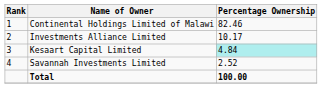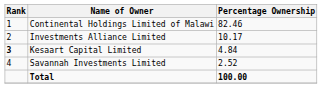 <table class="wikitable sortable" style="margin:0.5em auto">
 <tr>
 <th>Rank</th>
 <th>Name of Owner</th>
 <th>Percentage Ownership</th>
 </tr>
 <tr>
 <td>1</td>
 <td>Continental Holdings Limited of Malawi</td>
 <td>82.46</td>
 </tr>
 <tr>
 <td>2</td>
 <td>Investments Alliance Limited</td>
 <td>10.17</td>
 </tr>
 <tr>
-<td>3</td>
+<td><strong>3</strong></td>
 <td>Kesaart Capital Limited</td>
-<td style="background: paleturquoise;">4.84</td>
+<td>4.84</td>
 </tr>
 <tr>
 <td>4</td>
 <td>Savannah Investments Limited</td>
 <td>2.52</td>
 </tr>
 <tr>
 <td></td>
 <td><strong>Total</strong></td>
 <td><strong>100.00</strong></td>
 </tr>
 <tr>
 </tr>
 </table>
